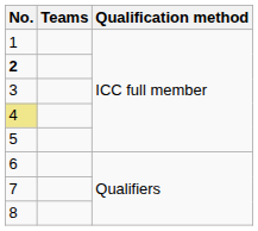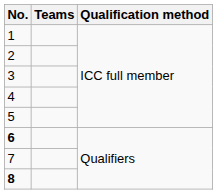 <table class="wikitable">
 <tr>
 <th>No.</th>
 <th>Teams</th>
 <th>Qualification method</th>
 </tr>
 <tr>
 <td>1</td>
 <td></td>
 <td rowspan=5>ICC full member</td>
 </tr>
 <tr>
-<td><strong>2</strong></td>
+<td>2</td>
 <td></td>
 </tr>
 <tr>
 <td>3</td>
 <td></td>
 </tr>
 <tr>
-<td style="background: khaki;">4</td>
+<td>4</td>
 <td></td>
 </tr>
 <tr>
 <td>5</td>
 <td></td>
 </tr>
 <tr>
-<td>6</td>
+<td><strong>6</strong></td>
 <td></td>
 <td rowspan=3>Qualifiers</td>
 </tr>
 <tr>
 <td>7</td>
 <td></td>
 </tr>
 <tr>
-<td>8</td>
+<td><strong>8</strong></td>
 <td></td>
 </tr>
 </table>
